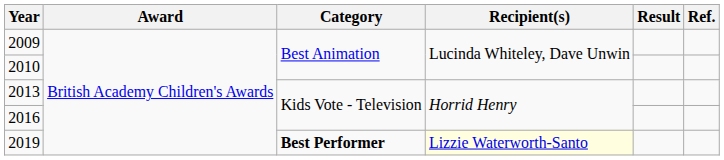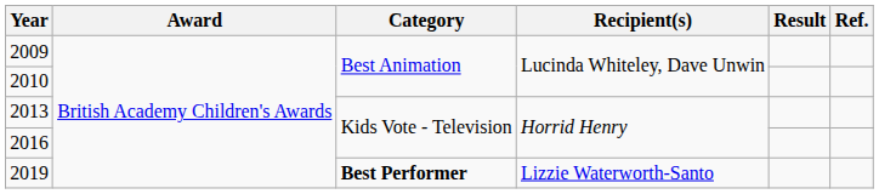 <table class="wikitable">
 <tr>
 <th>Year</th>
 <th>Award</th>
 <th>Category</th>
 <th>Recipient(s)</th>
 <th>Result</th>
 <th>Ref.</th>
 </tr>
 <tr>
 <td>2009</td>
 <td rowspan="5"><a href='#'>British Academy Children's Awards</a></td>
 <td rowspan="2"><a href='#'>Best Animation</a></td>
 <td rowspan="2">Lucinda Whiteley, Dave Unwin</td>
 <td></td>
 <td></td>
 </tr>
 <tr>
 <td>2010</td>
 <td></td>
 <td></td>
 </tr>
 <tr>
 <td>2013</td>
 <td rowspan="2">Kids Vote - Television</td>
 <td rowspan="2"><em>Horrid Henry</em></td>
 <td></td>
 <td></td>
 </tr>
 <tr>
 <td>2016</td>
 <td></td>
 <td></td>
 </tr>
 <tr>
 <td>2019</td>
 <td><strong>Best Performer</strong></td>
-<td style="background: lightyellow;"><a href='#'>Lizzie Waterworth-Santo</a></td>
+<td><a href='#'>Lizzie Waterworth-Santo</a></td>
 <td></td>
 <td></td>
 </tr>
 </table>
